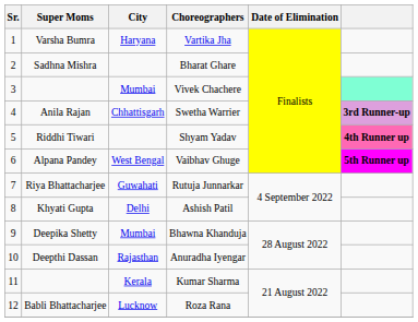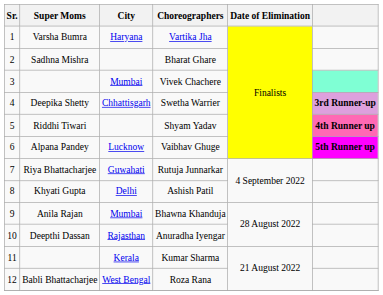 <table class="wikitable sortable" style=" text-align:center; font-size:85%; line-height:25px; width:auto;">
 <tr>
 <th>Sr.</th>
 <th>Super Moms</th>
 <th>City</th>
 <th>Choreographers</th>
 <th scope="col">Date of Elimination</th>
 <th scope="col"></th>
 </tr>
 <tr>
 <td>1</td>
 <td>Varsha Bumra</td>
 <td><a href='#'>Haryana</a></td>
 <td><a href='#'>Vartika Jha</a></td>
 <td rowspan="6" style="background:yellow">Finalists</td>
 <td></td>
 </tr>
 <tr>
 <td>2</td>
 <td>Sadhna Mishra</td>
 <td></td>
 <td>Bharat Ghare</td>
 <td></td>
 </tr>
 <tr>
 <td>3</td>
 <td></td>
 <td><a href='#'>Mumbai</a></td>
 <td>Vivek Chachere</td>
 <td style="background:#7FFFD4"></td>
 </tr>
 <tr>
 <td>4</td>
-<td>Anila Rajan</td>
+<td>Deepika Shetty</td>
 <td><a href='#'>Chhattisgarh</a></td>
 <td>Swetha Warrier</td>
 <td style="background:#DDA0DD;"><strong>3rd Runner-up</strong></td>
 </tr>
 <tr>
 <td>5</td>
 <td>Riddhi Tiwari</td>
 <td></td>
 <td>Shyam Yadav</td>
 <td style="background:#FF69B4; text-align:center;"><strong>4th Runner up</strong></td>
 </tr>
 <tr>
 <td>6</td>
 <td>Alpana Pandey</td>
-<td><a href='#'>West Bengal</a></td>
+<td><a href='#'>Lucknow</a></td>
 <td>Vaibhav Ghuge</td>
 <td style="background:#FF00FF;"><strong>5th Runner up</strong></td>
 </tr>
 <tr>
 <td>7</td>
 <td>Riya Bhattacharjee</td>
 <td><a href='#'>Guwahati</a></td>
 <td>Rutuja Junnarkar</td>
 <td rowspan="2">4 September 2022</td>
 <td></td>
 </tr>
 <tr>
 <td>8</td>
 <td>Khyati Gupta</td>
 <td><a href='#'>Delhi</a></td>
 <td>Ashish Patil</td>
 <td></td>
 </tr>
 <tr>
 <td>9</td>
-<td>Deepika Shetty</td>
+<td>Anila Rajan</td>
 <td><a href='#'>Mumbai</a></td>
 <td>Bhawna Khanduja</td>
 <td rowspan="2">28 August 2022</td>
 <td></td>
 </tr>
 <tr>
 <td>10</td>
 <td>Deepthi Dassan</td>
 <td><a href='#'>Rajasthan</a></td>
 <td>Anuradha Iyengar</td>
 <td></td>
 </tr>
 <tr>
 <td>11</td>
 <td></td>
 <td><a href='#'>Kerala</a></td>
 <td>Kumar Sharma</td>
 <td rowspan="2">21 August 2022</td>
 <td></td>
 </tr>
 <tr>
 <td>12</td>
 <td>Babli Bhattacharjee</td>
-<td><a href='#'>Lucknow</a></td>
+<td><a href='#'>West Bengal</a></td>
 <td>Roza Rana</td>
 <td></td>
 </tr>
 <tr>
 </tr>
 </table>
